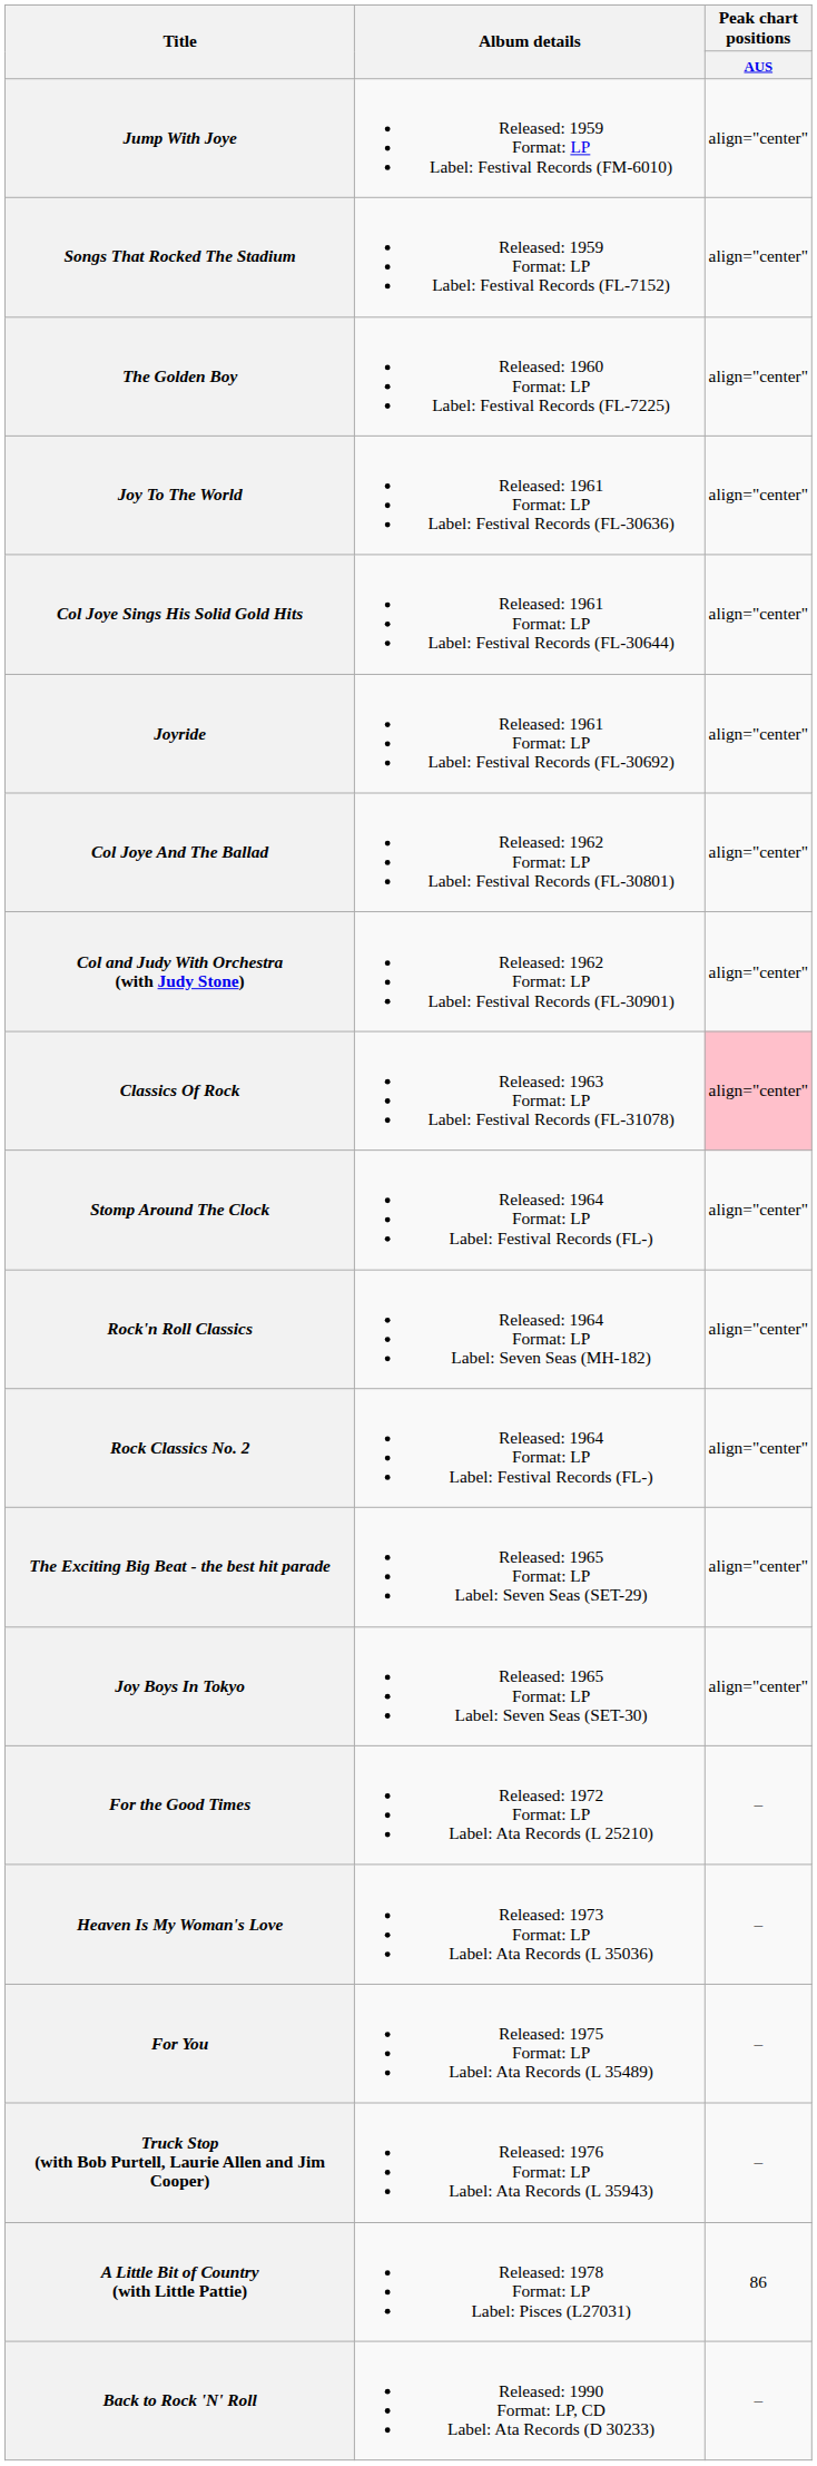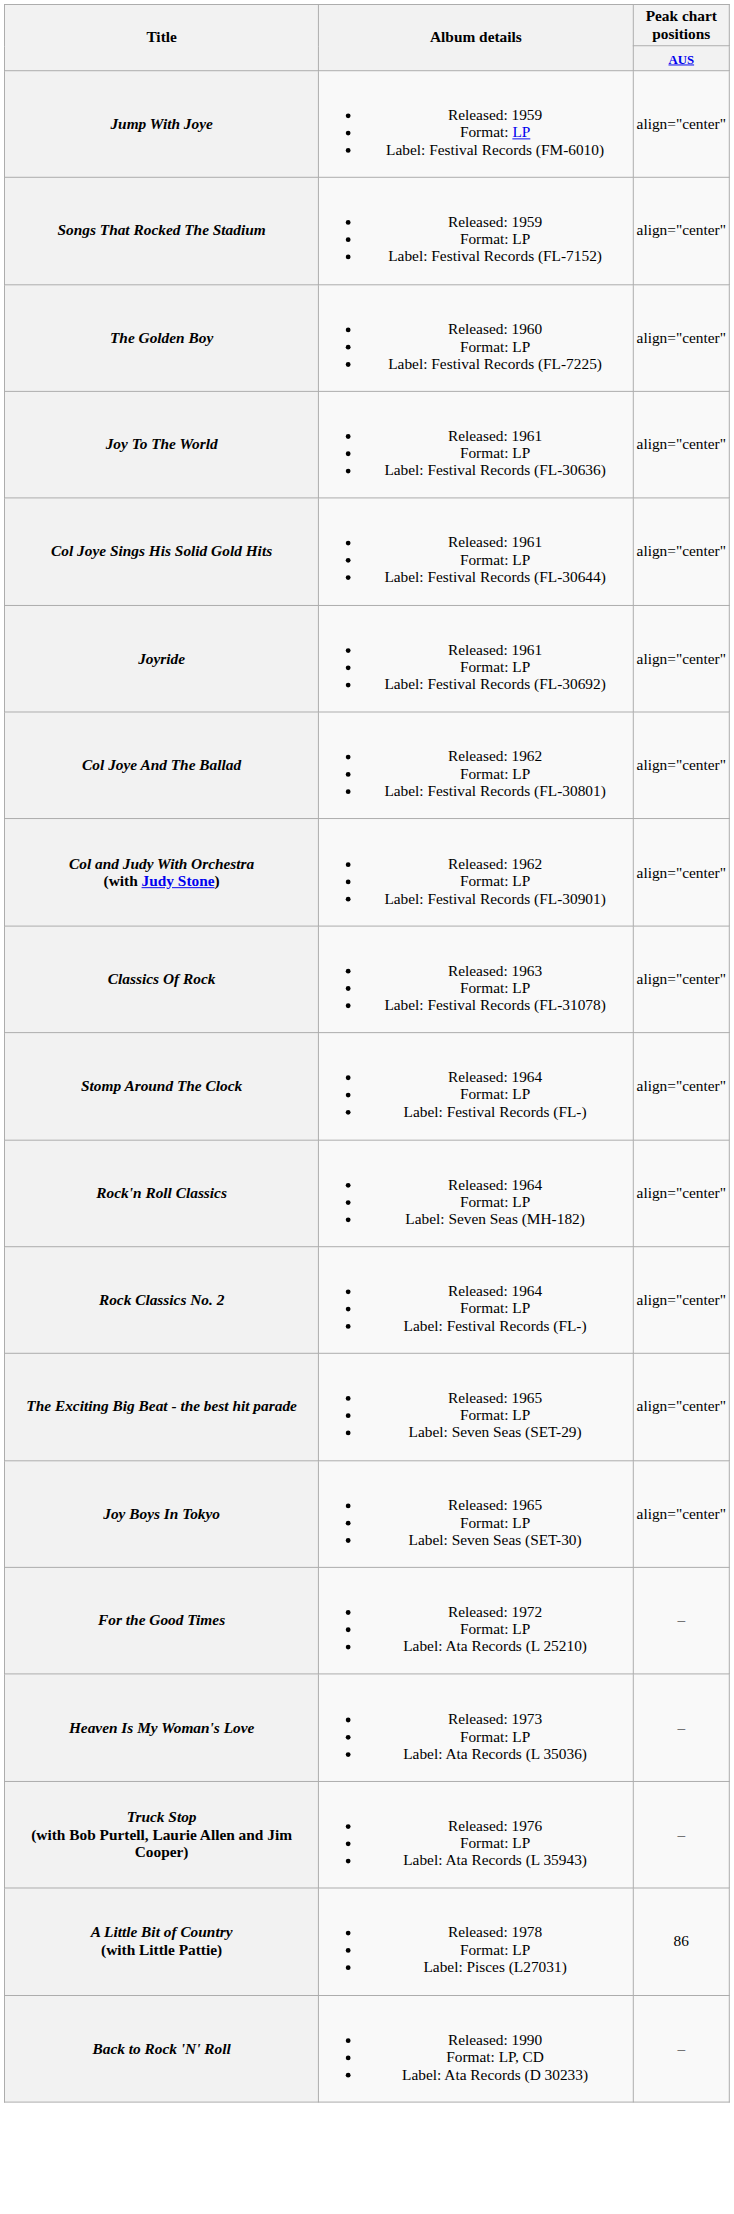 <table class="wikitable plainrowheaders" style="text-align:center;" border="1">
 <tr>
 <th scope="col" rowspan="2" style="width:20em;">Title</th>
 <th scope="col" rowspan="2" style="width:20em;">Album details</th>
 <th scope="col" colspan="1">Peak chart<br>positions</th>
 </tr>
 <tr>
 <th scope="col" style="text-align:center;"><small><a href='#'>AUS</a></small><br></th>
 </tr>
 <tr>
 <th scope="row"><em>Jump With Joye</em></th>
 <td><br><ul><li>Released: 1959</li><li>Format: <a href='#'>LP</a></li><li>Label: Festival Records (FM-6010)</li></ul></td>
 <td>align="center" </td>
 </tr>
 <tr>
 <th scope="row"><em>Songs That Rocked The Stadium</em></th>
 <td><br><ul><li>Released: 1959</li><li>Format: LP</li><li>Label: Festival Records (FL-7152)</li></ul></td>
 <td>align="center" </td>
 </tr>
 <tr>
 <th scope="row"><em>The Golden Boy</em></th>
 <td><br><ul><li>Released: 1960</li><li>Format: LP</li><li>Label: Festival Records (FL-7225)</li></ul></td>
 <td>align="center" </td>
 </tr>
 <tr>
 <th scope="row"><em>Joy To The World</em></th>
 <td><br><ul><li>Released: 1961</li><li>Format: LP</li><li>Label: Festival Records (FL-30636)</li></ul></td>
 <td>align="center" </td>
 </tr>
 <tr>
 <th scope="row"><em>Col Joye Sings His Solid Gold Hits</em></th>
 <td><br><ul><li>Released: 1961</li><li>Format: LP</li><li>Label: Festival Records (FL-30644)</li></ul></td>
 <td>align="center" </td>
 </tr>
 <tr>
 <th scope="row"><em>Joyride</em></th>
 <td><br><ul><li>Released: 1961</li><li>Format: LP</li><li>Label: Festival Records (FL-30692)</li></ul></td>
 <td>align="center" </td>
 </tr>
 <tr>
 <th scope="row"><em>Col Joye And The Ballad</em></th>
 <td><br><ul><li>Released: 1962</li><li>Format: LP</li><li>Label: Festival Records (FL-30801)</li></ul></td>
 <td>align="center" </td>
 </tr>
 <tr>
 <th scope="row"><em>Col and Judy With Orchestra</em><br>(with <a href='#'>Judy Stone</a>)</th>
 <td><br><ul><li>Released: 1962</li><li>Format: LP</li><li>Label: Festival Records (FL-30901)</li></ul></td>
 <td>align="center" </td>
 </tr>
 <tr>
 <th scope="row"><em>Classics Of Rock</em></th>
 <td><br><ul><li>Released: 1963</li><li>Format: LP</li><li>Label: Festival Records (FL-31078)</li></ul></td>
-<td style="background: pink;">align="center" </td>
+<td>align="center" </td>
 </tr>
 <tr>
 <th scope="row"><em>Stomp Around The Clock</em></th>
 <td><br><ul><li>Released: 1964</li><li>Format: LP</li><li>Label: Festival Records (FL-)</li></ul></td>
 <td>align="center" </td>
 </tr>
 <tr>
 <th scope="row"><em>Rock'n Roll Classics</em></th>
 <td><br><ul><li>Released: 1964</li><li>Format: LP</li><li>Label: Seven Seas (MH-182)</li></ul></td>
 <td>align="center" </td>
 </tr>
 <tr>
 <th scope="row"><em>Rock Classics No. 2</em></th>
 <td><br><ul><li>Released: 1964</li><li>Format: LP</li><li>Label: Festival Records (FL-)</li></ul></td>
 <td>align="center" </td>
 </tr>
 <tr>
 <th scope="row"><em>The Exciting Big Beat - the best hit parade</em></th>
 <td><br><ul><li>Released: 1965</li><li>Format: LP</li><li>Label: Seven Seas (SET-29)</li></ul></td>
 <td>align="center" </td>
 </tr>
 <tr>
 <th scope="row"><em>Joy Boys In Tokyo</em></th>
 <td><br><ul><li>Released: 1965</li><li>Format: LP</li><li>Label: Seven Seas (SET-30)</li></ul></td>
 <td>align="center" </td>
 </tr>
 <tr>
 <th scope="row"><em>For the Good Times</em></th>
 <td><br><ul><li>Released: 1972</li><li>Format: LP</li><li>Label: Ata Records (L 25210)</li></ul></td>
 <td align="center">–</td>
 </tr>
 <tr>
 <th scope="row"><em>Heaven Is My Woman's Love</em></th>
 <td><br><ul><li>Released: 1973</li><li>Format: LP</li><li>Label: Ata Records (L 35036)</li></ul></td>
 <td align="center">–</td>
 </tr>
 <tr>
-<th scope="row"><em>For You</em></th>
-<td><br><ul><li>Released: 1975</li><li>Format: LP</li><li>Label: Ata Records (L 35489)</li></ul></td>
-<td align="center">–</td>
-</tr>
-<tr>
 <th scope="row"><em>Truck Stop</em><br>(with Bob Purtell, Laurie Allen and Jim Cooper)</th>
 <td><br><ul><li>Released: 1976</li><li>Format: LP</li><li>Label: Ata Records (L 35943)</li></ul></td>
 <td align="center">–</td>
 </tr>
 <tr>
 <th scope="row"><em>A Little Bit of Country</em> <br> (with Little Pattie)</th>
 <td><br><ul><li>Released: 1978</li><li>Format: LP</li><li>Label: Pisces (L27031)</li></ul></td>
 <td align="center">86</td>
 </tr>
 <tr>
 <th scope="row"><em>Back to Rock 'N' Roll</em></th>
 <td><br><ul><li>Released: 1990</li><li>Format: LP, CD</li><li>Label: Ata Records (D 30233)</li></ul></td>
 <td align="center">–</td>
 </tr>
 </table>
